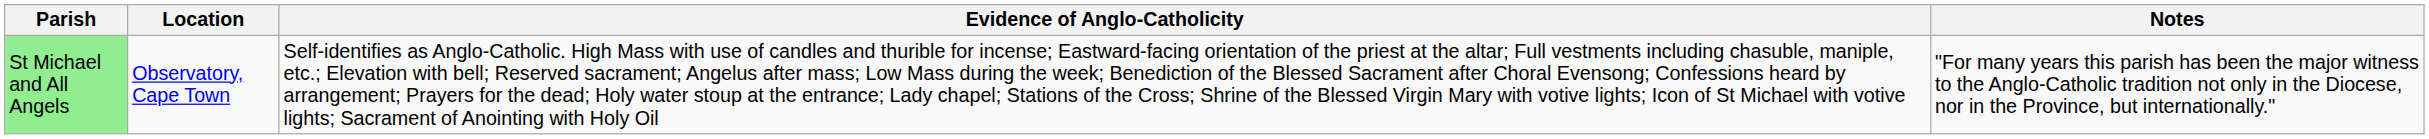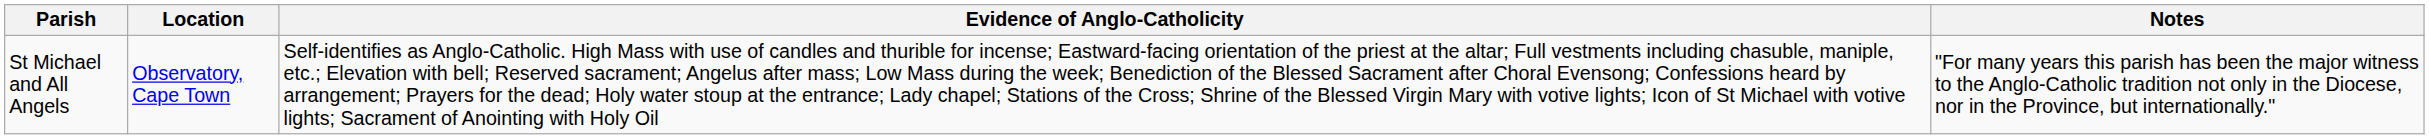 <table class="wikitable">
 <tr>
 <th>Parish</th>
 <th>Location</th>
 <th>Evidence of Anglo-Catholicity</th>
 <th>Notes</th>
 </tr>
 <tr>
-<td style="background: lightgreen;">St Michael and All Angels</td>
+<td>St Michael and All Angels</td>
 <td><a href='#'>Observatory, Cape Town</a></td>
 <td>Self-identifies as Anglo-Catholic. High Mass with use of candles and thurible for incense; Eastward-facing orientation of the priest at the altar; Full vestments including chasuble, maniple, etc.; Elevation with bell; Reserved sacrament; Angelus after mass; Low Mass during the week; Benediction of the Blessed Sacrament after Choral Evensong; Confessions heard by arrangement; Prayers for the dead; Holy water stoup at the entrance; Lady chapel; Stations of the Cross; Shrine of the Blessed Virgin Mary with votive lights; Icon of St Michael with votive lights; Sacrament of Anointing with Holy Oil</td>
 <td>"For many years this parish has been the major witness to the Anglo-Catholic tradition not only in the Diocese, nor in the Province, but internationally."</td>
 </tr>
 </table>
